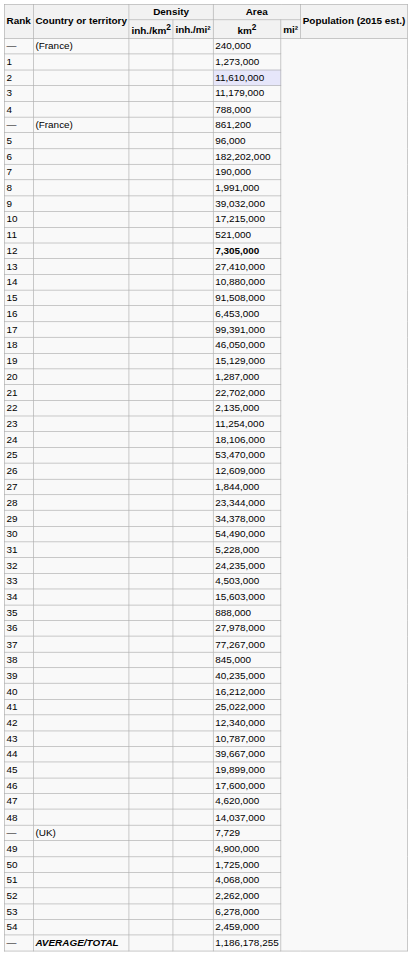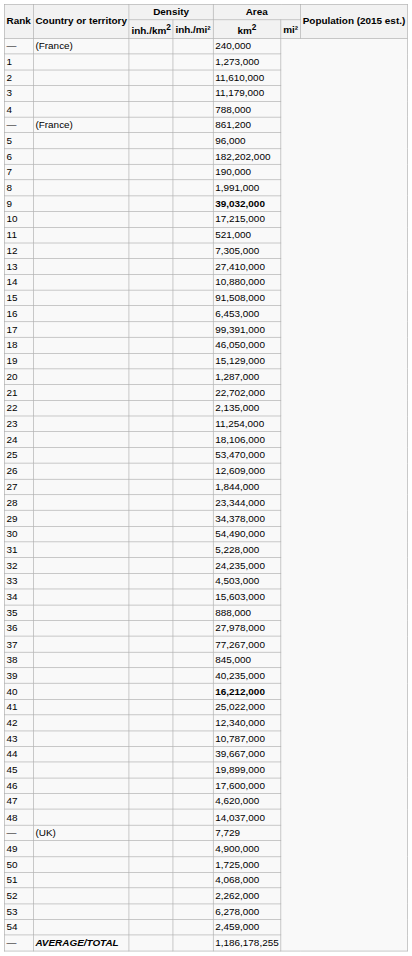 <table class="wikitable sortable">
 <tr>
 <th scope="col" data-sort-type="number" rowspan=2>Rank</th>
 <th scope="col" rowspan=2>Country or territory</th>
 <th scope="col" colspan=2>Density</th>
 <th scope="col" colspan=2>Area</th>
 <th scope="col" data-sort-type="number" rowspan=2>Population (2015 est.)</th>
 </tr>
 <tr>
 <th scepe="col">inh./km<sup>2</sup></th>
 <th scepe="col">inh./mi²</th>
 <th scepe="col">km<sup>2</sup></th>
 <th scepe="col">mi²</th>
 </tr>
 <tr>
 <td>—</td>
 <td align="left"> (France)</td>
 <td></td>
 <td></td>
 <td>240,000</td>
 </tr>
 <tr>
 <td>1</td>
 <td align="left"></td>
 <td></td>
 <td></td>
 <td>1,273,000</td>
 </tr>
 <tr>
 <td>2</td>
 <td align="left"></td>
 <td></td>
 <td></td>
-<td style="background: lavender;">11,610,000</td>
+<td>11,610,000</td>
 </tr>
 <tr>
 <td>3</td>
 <td align="left"></td>
 <td></td>
 <td></td>
 <td>11,179,000</td>
 </tr>
 <tr>
 <td>4</td>
 <td align="left"></td>
 <td></td>
 <td></td>
 <td>788,000</td>
 </tr>
 <tr>
 <td>—</td>
 <td align="left"> (France)</td>
 <td></td>
 <td></td>
 <td>861,200</td>
 </tr>
 <tr>
 <td>5</td>
 <td align="left"></td>
 <td></td>
 <td></td>
 <td>96,000</td>
 </tr>
 <tr>
 <td>6</td>
 <td align="left"></td>
 <td></td>
 <td></td>
 <td>182,202,000</td>
 </tr>
 <tr>
 <td>7</td>
 <td align="left"></td>
 <td></td>
 <td></td>
 <td>190,000</td>
 </tr>
 <tr>
 <td>8</td>
 <td align="left"></td>
 <td></td>
 <td></td>
 <td>1,991,000</td>
 </tr>
 <tr>
 <td>9</td>
 <td align="left"></td>
 <td></td>
 <td></td>
-<td>39,032,000</td>
+<td><strong>39,032,000</strong></td>
 </tr>
 <tr>
 <td>10</td>
 <td align="left"></td>
 <td></td>
 <td></td>
 <td>17,215,000</td>
 </tr>
 <tr>
 <td>11</td>
 <td align="left"></td>
 <td></td>
 <td></td>
 <td>521,000</td>
 </tr>
 <tr>
 <td>12</td>
 <td align="left"></td>
 <td></td>
 <td></td>
-<td><strong>7,305,000</strong></td>
+<td>7,305,000</td>
 </tr>
 <tr>
 <td>13</td>
 <td align="left"></td>
 <td></td>
 <td></td>
 <td>27,410,000</td>
 </tr>
 <tr>
 <td>14</td>
 <td align="left"></td>
 <td></td>
 <td></td>
 <td>10,880,000</td>
 </tr>
 <tr>
 <td>15</td>
 <td align="left"></td>
 <td></td>
 <td></td>
 <td>91,508,000</td>
 </tr>
 <tr>
 <td>16</td>
 <td align="left"></td>
 <td></td>
 <td></td>
 <td>6,453,000</td>
 </tr>
 <tr>
 <td>17</td>
 <td align="left"></td>
 <td></td>
 <td></td>
 <td>99,391,000</td>
 </tr>
 <tr>
 <td>18</td>
 <td align="left"></td>
 <td></td>
 <td></td>
 <td>46,050,000</td>
 </tr>
 <tr>
 <td>19</td>
 <td align="left"></td>
 <td></td>
 <td></td>
 <td>15,129,000</td>
 </tr>
 <tr>
 <td>20</td>
 <td align="left"></td>
 <td></td>
 <td></td>
 <td>1,287,000</td>
 </tr>
 <tr>
 <td>21</td>
 <td align="left"></td>
 <td></td>
 <td></td>
 <td>22,702,000</td>
 </tr>
 <tr>
 <td>22</td>
 <td align="left"></td>
 <td></td>
 <td></td>
 <td>2,135,000</td>
 </tr>
 <tr>
 <td>23</td>
 <td align="left"></td>
 <td></td>
 <td></td>
 <td>11,254,000</td>
 </tr>
 <tr>
 <td>24</td>
 <td align="left"></td>
 <td></td>
 <td></td>
 <td>18,106,000</td>
 </tr>
 <tr>
 <td>25</td>
 <td align="left"></td>
 <td></td>
 <td></td>
 <td>53,470,000</td>
 </tr>
 <tr>
 <td>26</td>
 <td align="left"></td>
 <td></td>
 <td></td>
 <td>12,609,000</td>
 </tr>
 <tr>
 <td>27</td>
 <td align="left"></td>
 <td></td>
 <td></td>
 <td>1,844,000</td>
 </tr>
 <tr>
 <td>28</td>
 <td align="left"></td>
 <td></td>
 <td></td>
 <td>23,344,000</td>
 </tr>
 <tr>
 <td>29</td>
 <td align="left"></td>
 <td></td>
 <td></td>
 <td>34,378,000</td>
 </tr>
 <tr>
 <td>30</td>
 <td align="left"></td>
 <td></td>
 <td></td>
 <td>54,490,000</td>
 </tr>
 <tr>
 <td>31</td>
 <td align="left"></td>
 <td></td>
 <td></td>
 <td>5,228,000</td>
 </tr>
 <tr>
 <td>32</td>
 <td align="left"></td>
 <td></td>
 <td></td>
 <td>24,235,000</td>
 </tr>
 <tr>
 <td>33</td>
 <td align="left"></td>
 <td></td>
 <td></td>
 <td>4,503,000</td>
 </tr>
 <tr>
 <td>34</td>
 <td align="left"></td>
 <td></td>
 <td></td>
 <td>15,603,000</td>
 </tr>
 <tr>
 <td>35</td>
 <td align="left"></td>
 <td></td>
 <td></td>
 <td>888,000</td>
 </tr>
 <tr>
 <td>36</td>
 <td align="left"></td>
 <td></td>
 <td></td>
 <td>27,978,000</td>
 </tr>
 <tr>
 <td>37</td>
 <td align="left"></td>
 <td></td>
 <td></td>
 <td>77,267,000</td>
 </tr>
 <tr>
 <td>38</td>
 <td align="left"></td>
 <td></td>
 <td></td>
 <td>845,000</td>
 </tr>
 <tr>
 <td>39</td>
 <td align="left"></td>
 <td></td>
 <td></td>
 <td>40,235,000</td>
 </tr>
 <tr>
 <td>40</td>
 <td align="left"></td>
 <td></td>
 <td></td>
-<td>16,212,000</td>
+<td><strong>16,212,000</strong></td>
 </tr>
 <tr>
 <td>41</td>
 <td align="left"></td>
 <td></td>
 <td></td>
 <td>25,022,000</td>
 </tr>
 <tr>
 <td>42</td>
 <td align="left"></td>
 <td></td>
 <td></td>
 <td>12,340,000</td>
 </tr>
 <tr>
 <td>43</td>
 <td align="left"></td>
 <td></td>
 <td></td>
 <td>10,787,000</td>
 </tr>
 <tr>
 <td>44</td>
 <td align="left"></td>
 <td></td>
 <td></td>
 <td>39,667,000</td>
 </tr>
 <tr>
 <td>45</td>
 <td align="left"></td>
 <td></td>
 <td></td>
 <td>19,899,000</td>
 </tr>
 <tr>
 <td>46</td>
 <td align="left"></td>
 <td></td>
 <td></td>
 <td>17,600,000</td>
 </tr>
 <tr>
 <td>47</td>
 <td align="left"></td>
 <td></td>
 <td></td>
 <td>4,620,000</td>
 </tr>
 <tr>
 <td>48</td>
 <td align="left"></td>
 <td></td>
 <td></td>
 <td>14,037,000</td>
 </tr>
 <tr>
 <td>—</td>
 <td align="left"> (UK)</td>
 <td></td>
 <td></td>
 <td>7,729</td>
 </tr>
 <tr>
 <td>49</td>
 <td align="left"></td>
 <td></td>
 <td></td>
 <td>4,900,000</td>
 </tr>
 <tr>
 <td>50</td>
 <td align="left"></td>
 <td></td>
 <td></td>
 <td>1,725,000</td>
 </tr>
 <tr>
 <td>51</td>
 <td align="left"></td>
 <td></td>
 <td></td>
 <td>4,068,000</td>
 </tr>
 <tr>
 <td>52</td>
 <td align="left"></td>
 <td></td>
 <td></td>
 <td>2,262,000</td>
 </tr>
 <tr>
 <td>53</td>
 <td align="left"></td>
 <td></td>
 <td></td>
 <td>6,278,000</td>
 </tr>
 <tr>
 <td>54</td>
 <td align="left"></td>
 <td></td>
 <td></td>
 <td>2,459,000</td>
 </tr>
 <tr>
 <td>—</td>
 <td align="left"><strong><em>AVERAGE/TOTAL</em></strong></td>
 <td></td>
 <td></td>
 <td>1,186,178,255</td>
 </tr>
 </table>
